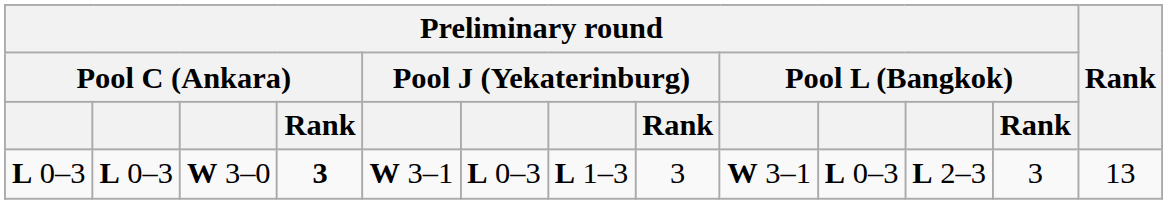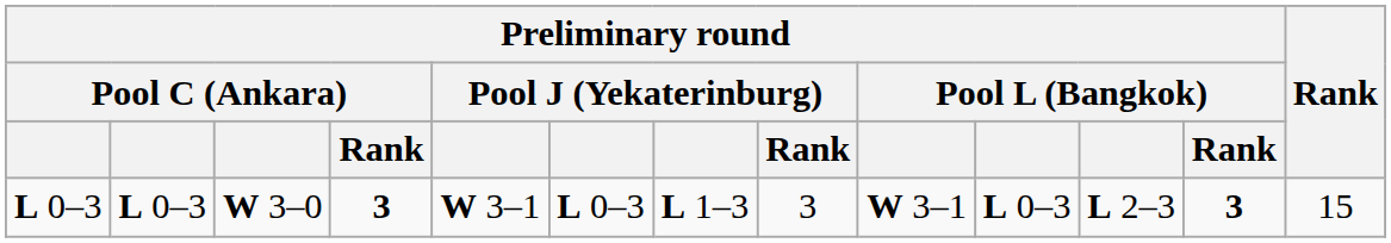 <table class="wikitable" style="font-size:100%;">
 <tr>
 <th colspan=12>Preliminary round</th>
 <th rowspan=3>Rank</th>
 </tr>
 <tr>
 <th colspan=4>Pool C (Ankara)</th>
 <th colspan=4>Pool J (Yekaterinburg)</th>
 <th colspan=4>Pool L (Bangkok)</th>
 </tr>
 <tr>
 <th></th>
 <th></th>
 <th></th>
 <th>Rank</th>
 <th></th>
 <th></th>
 <th></th>
 <th>Rank</th>
 <th></th>
 <th></th>
 <th></th>
 <th>Rank</th>
 </tr>
 <tr align=center>
 <td><strong>L</strong> 0–3</td>
 <td><strong>L</strong> 0–3</td>
 <td><strong>W</strong> 3–0</td>
 <td><strong>3</strong></td>
 <td><strong>W</strong> 3–1</td>
 <td><strong>L</strong> 0–3</td>
 <td><strong>L</strong> 1–3</td>
 <td>3</td>
 <td><strong>W</strong> 3–1</td>
 <td><strong>L</strong> 0–3</td>
 <td><strong>L</strong> 2–3</td>
-<td>3</td>
-<td>13</td>
+<td><strong>3</strong></td>
+<td>15</td>
 </tr>
 </table>
